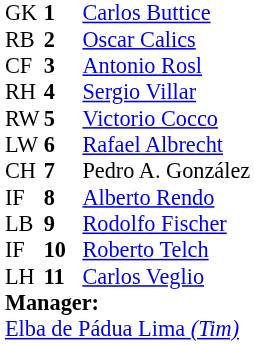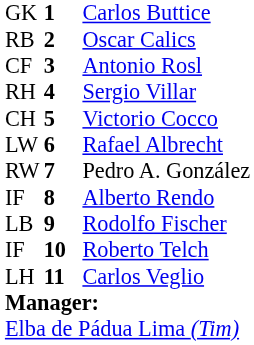 <table style="font-size:90%; margin:0.2em auto;" cellspacing="0" cellpadding="0">
 <tr>
 <th width="25"></th>
 <th width="25"></th>
 </tr>
 <tr>
 <td>GK</td>
 <td><strong>1</strong></td>
 <td> <a href='#'>Carlos Buttice</a></td>
 </tr>
 <tr>
 <td>RB</td>
 <td><strong>2</strong></td>
 <td> <a href='#'>Oscar Calics</a></td>
 </tr>
 <tr>
 <td>CF</td>
 <td><strong>3</strong></td>
 <td> <a href='#'>Antonio Rosl</a></td>
 </tr>
 <tr>
 <td>RH</td>
 <td><strong>4</strong></td>
 <td> <a href='#'>Sergio Villar</a></td>
 </tr>
 <tr>
-<td>RW</td>
+<td>CH</td>
 <td><strong>5</strong></td>
 <td> <a href='#'>Victorio Cocco</a></td>
 </tr>
 <tr>
 <td>LW</td>
 <td><strong>6</strong></td>
 <td> <a href='#'>Rafael Albrecht</a></td>
 </tr>
 <tr>
-<td>CH</td>
+<td>RW</td>
 <td><strong>7</strong></td>
 <td> Pedro A. González</td>
 </tr>
 <tr>
 <td>IF</td>
 <td><strong>8</strong></td>
 <td> <a href='#'>Alberto Rendo</a></td>
 </tr>
 <tr>
 <td>LB</td>
 <td><strong>9</strong></td>
 <td> <a href='#'>Rodolfo Fischer</a></td>
 </tr>
 <tr>
 <td>IF</td>
 <td><strong>10</strong></td>
 <td> <a href='#'>Roberto Telch</a></td>
 </tr>
 <tr>
 <td>LH</td>
 <td><strong>11</strong></td>
 <td> <a href='#'>Carlos Veglio</a></td>
 </tr>
 <tr>
 <td colspan=3><strong>Manager:</strong></td>
 </tr>
 <tr>
 <td colspan=4> <a href='#'>Elba de Pádua Lima <em>(Tim)</em></a></td>
 </tr>
 </table>
